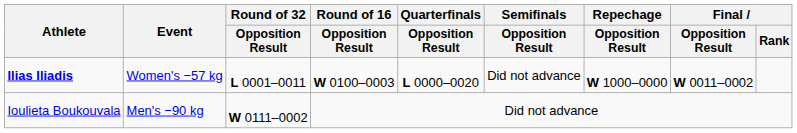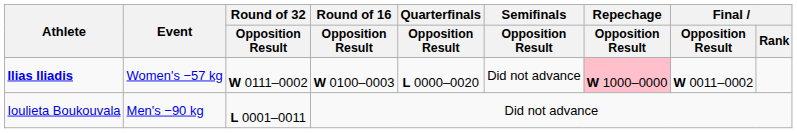 <table class="wikitable" style="font-size:90%">
 <tr>
 <th rowspan="2">Athlete</th>
 <th rowspan="2">Event</th>
 <th>Round of 32</th>
 <th>Round of 16</th>
 <th>Quarterfinals</th>
 <th>Semifinals</th>
 <th>Repechage</th>
 <th colspan=2>Final / </th>
 </tr>
 <tr style="font-size:95%">
 <th>Opposition<br>Result</th>
 <th>Opposition<br>Result</th>
 <th>Opposition<br>Result</th>
 <th>Opposition<br>Result</th>
 <th>Opposition<br>Result</th>
 <th>Opposition<br>Result</th>
 <th>Rank</th>
 </tr>
 <tr align=center>
 <td align=left><strong><a href='#'>Ilias Iliadis</a></strong></td>
 <td align=left><a href='#'>Women's −57 kg</a></td>
-<td><br><strong>L</strong> 0001–0011</td>
+<td><br><strong>W</strong> 0111–0002</td>
 <td><br><strong>W</strong> 0100–0003</td>
 <td><br><strong>L</strong> 0000–0020</td>
 <td>Did not advance</td>
-<td><br><strong>W</strong> 1000–0000</td>
+<td style="background: pink;"><br><strong>W</strong> 1000–0000</td>
 <td><br><strong>W</strong> 0011–0002</td>
 <td></td>
 </tr>
 <tr align=center>
 <td align=left><a href='#'>Ioulieta Boukouvala</a></td>
 <td align=left><a href='#'>Men's −90 kg</a></td>
-<td><br><strong>W</strong> 0111–0002</td>
+<td><br><strong>L</strong> 0001–0011</td>
 <td colspan=6>Did not advance</td>
 </tr>
 </table>
